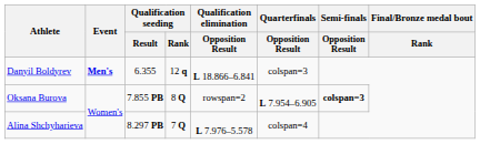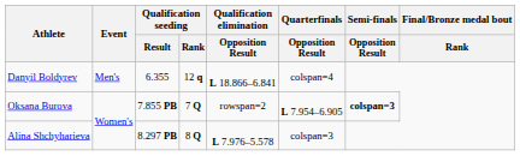 <table class="wikitable" style="text-align:center; font-size:90%">
 <tr>
 <th rowspan=2>Athlete</th>
 <th rowspan=2>Event</th>
 <th colspan=2>Qualification<br>seeding</th>
 <th>Qualification<br>elimination</th>
 <th>Quarterfinals</th>
 <th>Semi-finals</th>
 <th colspan=2>Final/Bronze medal bout</th>
 </tr>
 <tr style="font-size:95%">
 <th>Result</th>
 <th>Rank</th>
 <th>Opposition<br>Result</th>
 <th>Opposition<br>Result</th>
 <th>Opposition<br>Result</th>
 <th>Rank</th>
 </tr>
 <tr>
 <td align=left><a href='#'>Danyil Boldyrev</a></td>
-<td align=left><strong><a href='#'>Men's</a></strong></td>
+<td align=left><a href='#'>Men's</a></td>
 <td>6.355</td>
 <td>12 <strong>q</strong></td>
 <td><br> <strong>L</strong> 18.866–6.841</td>
-<td>colspan=3 </td>
+<td>colspan=4 </td>
 </tr>
 <tr>
 <td align=left><a href='#'>Oksana Burova</a></td>
 <td align=left rowspan="2"><a href='#'>Women's</a></td>
 <td>7.855 <strong>PB</strong></td>
-<td>8 <strong>Q</strong></td>
+<td>7 <strong>Q</strong></td>
 <td>rowspan=2 </td>
 <td><br> <strong>L</strong> 7.954–6.905</td>
 <td><strong>colspan=3 </strong></td>
 </tr>
 <tr>
 <td align=left><a href='#'>Alina Shchyharieva</a></td>
 <td>8.297 <strong>PB</strong></td>
-<td>7 <strong>Q</strong></td>
+<td>8 <strong>Q</strong></td>
 <td><br> <strong>L</strong> 7.976–5.578</td>
-<td>colspan=4 </td>
+<td>colspan=3 </td>
 </tr>
 </table>
